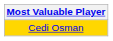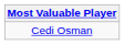 <table class=wikitable style="text-align:center">
 <tr>
 <th><a href='#'>Most Valuable Player</a></th>
 </tr>
 <tr>
-<td style="background: gold;"> <a href='#'>Cedi Osman</a></td>
+<td> <a href='#'>Cedi Osman</a></td>
 </tr>
 </table>
